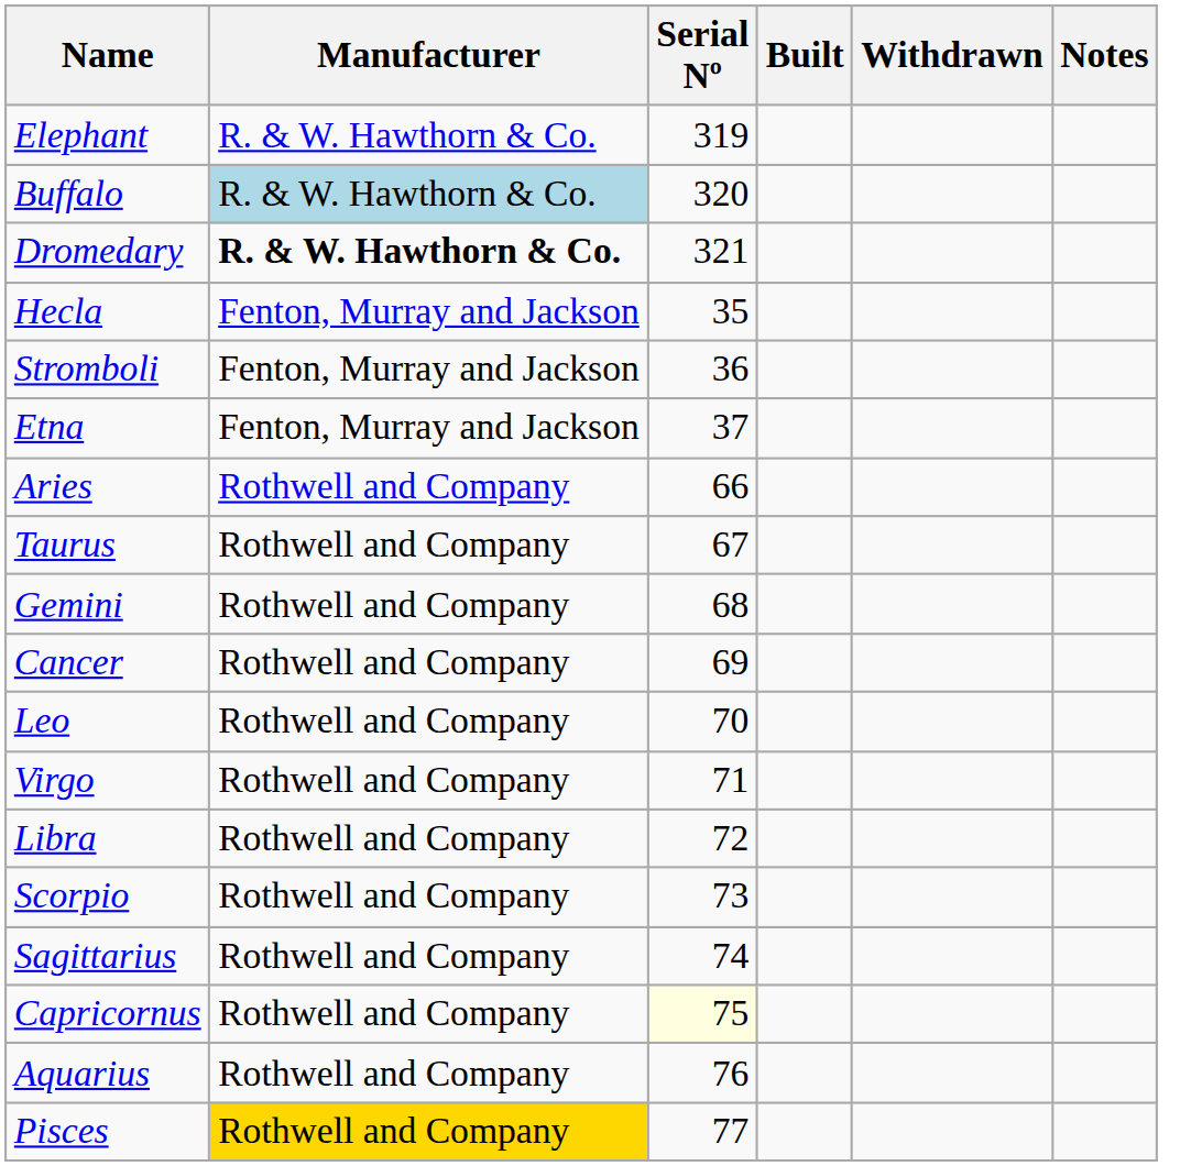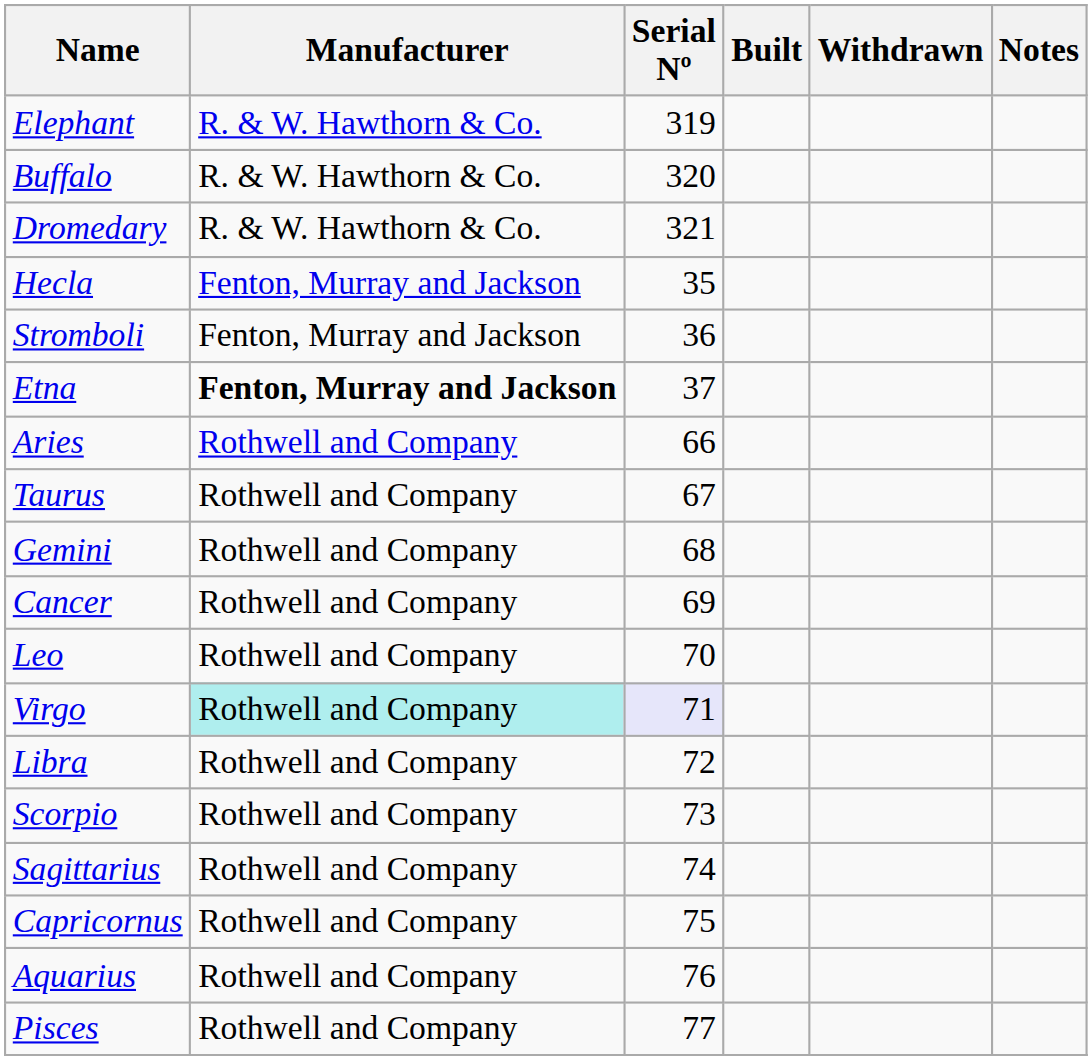 <table class="wikitable sortable">
 <tr>
 <th scope="col">Name</th>
 <th scope="col">Manufacturer</th>
 <th scope="col">Serial<br>Nº</th>
 <th scope="col">Built</th>
 <th scope="col">Withdrawn</th>
 <th scope="col" class="unsortable">Notes</th>
 </tr>
 <tr>
 <td><em><a href='#'>Elephant</a></em></td>
 <td><a href='#'>R. & W. Hawthorn & Co.</a></td>
 <td align=right>319</td>
 <td align=right></td>
 <td align=right></td>
 <td></td>
 </tr>
 <tr>
 <td><em><a href='#'>Buffalo</a></em></td>
-<td style="background: lightblue;">R. & W. Hawthorn & Co.</td>
+<td>R. & W. Hawthorn & Co.</td>
 <td align=right>320</td>
 <td align=right></td>
 <td align=right></td>
 <td></td>
 </tr>
 <tr>
 <td><em><a href='#'>Dromedary</a></em></td>
-<td><strong>R. & W. Hawthorn & Co.</strong></td>
+<td>R. & W. Hawthorn & Co.</td>
 <td align=right>321</td>
 <td align=right></td>
 <td align=right></td>
 <td></td>
 </tr>
 <tr>
 <td><em><a href='#'>Hecla</a></em></td>
 <td><a href='#'>Fenton, Murray and Jackson</a></td>
 <td align=right>35</td>
 <td align=right></td>
 <td align=right></td>
 <td></td>
 </tr>
 <tr>
 <td><em><a href='#'>Stromboli</a></em></td>
 <td>Fenton, Murray and Jackson</td>
 <td align=right>36</td>
 <td align=right></td>
 <td align=right></td>
 <td></td>
 </tr>
 <tr>
 <td><em><a href='#'>Etna</a></em></td>
-<td>Fenton, Murray and Jackson</td>
+<td><strong>Fenton, Murray and Jackson</strong></td>
 <td align=right>37</td>
 <td align=right></td>
 <td align=right></td>
 <td></td>
 </tr>
 <tr>
 <td><em><a href='#'>Aries</a></em></td>
 <td><a href='#'>Rothwell and Company</a></td>
 <td align=right>66</td>
 <td align=right></td>
 <td align=right></td>
 <td></td>
 </tr>
 <tr>
 <td><em><a href='#'>Taurus</a></em></td>
 <td>Rothwell and Company</td>
 <td align=right>67</td>
 <td align=right></td>
 <td align=right></td>
 <td></td>
 </tr>
 <tr>
 <td><em><a href='#'>Gemini</a></em></td>
 <td>Rothwell and Company</td>
 <td align=right>68</td>
 <td align=right></td>
 <td align=right></td>
 <td></td>
 </tr>
 <tr>
 <td><em><a href='#'>Cancer</a></em></td>
 <td>Rothwell and Company</td>
 <td align=right>69</td>
 <td align=right></td>
 <td align=right></td>
 <td></td>
 </tr>
 <tr>
 <td><em><a href='#'>Leo</a></em></td>
 <td>Rothwell and Company</td>
 <td align=right>70</td>
 <td align=right></td>
 <td align=right></td>
 <td></td>
 </tr>
 <tr>
 <td><em><a href='#'>Virgo</a></em></td>
-<td>Rothwell and Company</td>
-<td align=right>71</td>
+<td style="background: paleturquoise;">Rothwell and Company</td>
+<td align=right style="background: lavender;">71</td>
 <td align=right></td>
 <td align=right></td>
 <td></td>
 </tr>
 <tr>
 <td><em><a href='#'>Libra</a></em></td>
 <td>Rothwell and Company</td>
 <td align=right>72</td>
 <td align=right></td>
 <td align=right></td>
 <td></td>
 </tr>
 <tr>
 <td><em><a href='#'>Scorpio</a></em></td>
 <td>Rothwell and Company</td>
 <td align=right>73</td>
 <td align=right></td>
 <td align=right></td>
 <td></td>
 </tr>
 <tr>
 <td><em><a href='#'>Sagittarius</a></em></td>
 <td>Rothwell and Company</td>
 <td align=right>74</td>
 <td align=right></td>
 <td align=right></td>
 <td></td>
 </tr>
 <tr>
 <td><em><a href='#'>Capricornus</a></em></td>
 <td>Rothwell and Company</td>
-<td align=right style="background: lightyellow;">75</td>
+<td align=right>75</td>
 <td align=right></td>
 <td align=right></td>
 <td></td>
 </tr>
 <tr>
 <td><em><a href='#'>Aquarius</a></em></td>
 <td>Rothwell and Company</td>
 <td align=right>76</td>
 <td align=right></td>
 <td align=right></td>
 <td></td>
 </tr>
 <tr>
 <td><em><a href='#'>Pisces</a></em></td>
-<td style="background: gold;">Rothwell and Company</td>
+<td>Rothwell and Company</td>
 <td align=right>77</td>
 <td align=right></td>
 <td align=right></td>
 <td></td>
 </tr>
 <tr>
 </tr>
 </table>
